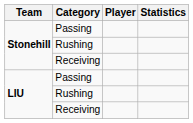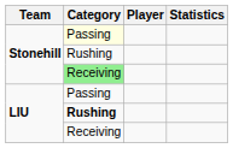 <table class="wikitable" style="float: right;">
 <tr>
 <th>Team</th>
 <th>Category</th>
 <th>Player</th>
 <th>Statistics</th>
 </tr>
 <tr>
 <td rowspan=3><strong>Stonehill</strong></td>
-<td>Passing</td>
+<td style="background: lightyellow;">Passing</td>
 <td></td>
 <td></td>
 </tr>
 <tr>
 <td>Rushing</td>
 <td></td>
 <td></td>
 </tr>
 <tr>
-<td>Receiving</td>
+<td style="background: lightgreen;">Receiving</td>
 <td></td>
 <td></td>
 </tr>
 <tr>
 <td rowspan=3><strong>LIU</strong></td>
 <td>Passing</td>
 <td></td>
 <td></td>
 </tr>
 <tr>
-<td>Rushing</td>
+<td><strong>Rushing</strong></td>
 <td></td>
 <td></td>
 </tr>
 <tr>
 <td>Receiving</td>
 <td></td>
 <td></td>
 </tr>
 </table>
